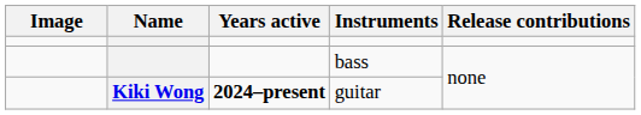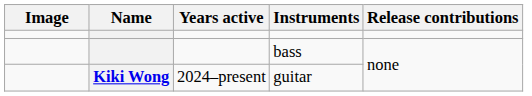 <table class="wikitable plainrowheaders sortable">
 <tr>
 <th class="unsortable" style="width: 75px">Image</th>
 <th scope="col">Name</th>
 <th scope="col">Years active</th>
 <th scope="col">Instruments</th>
 <th scope="col" class="unsortable">Release contributions</th>
 </tr>
 <tr>
 <td></td>
 <th scope="row"></th>
 <td></td>
 <td></td>
 <td></td>
 </tr>
 <tr>
 <td></td>
 <th scope="row"></th>
 <td></td>
 <td>bass</td>
 <td rowspan="2">none</td>
 </tr>
 <tr>
 <td></td>
 <th scope="row"><a href='#'>Kiki Wong</a></th>
-<td><strong>2024–present</strong></td>
+<td>2024–present</td>
 <td>guitar</td>
 </tr>
 </table>
